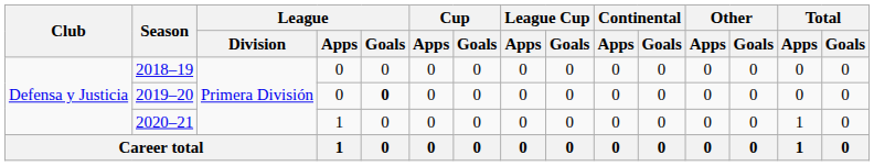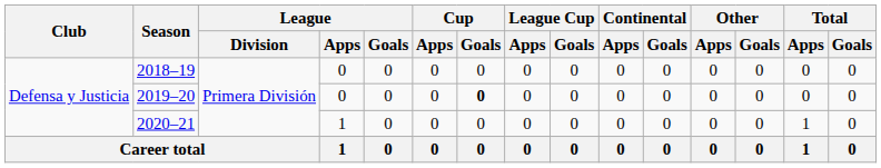 <table class="wikitable" style="text-align:center">
 <tr>
 <th rowspan="2">Club</th>
 <th rowspan="2">Season</th>
 <th colspan="3">League</th>
 <th colspan="2">Cup</th>
 <th colspan="2">League Cup</th>
 <th colspan="2">Continental</th>
 <th colspan="2">Other</th>
 <th colspan="2">Total</th>
 </tr>
 <tr>
 <th>Division</th>
 <th>Apps</th>
 <th>Goals</th>
 <th>Apps</th>
 <th>Goals</th>
 <th>Apps</th>
 <th>Goals</th>
 <th>Apps</th>
 <th>Goals</th>
 <th>Apps</th>
 <th>Goals</th>
 <th>Apps</th>
 <th>Goals</th>
 </tr>
 <tr>
 <td rowspan="3"><a href='#'>Defensa y Justicia</a></td>
 <td><a href='#'>2018–19</a></td>
 <td rowspan="3"><a href='#'>Primera División</a></td>
 <td>0</td>
 <td>0</td>
 <td>0</td>
 <td>0</td>
 <td>0</td>
 <td>0</td>
 <td>0</td>
 <td>0</td>
 <td>0</td>
 <td>0</td>
 <td>0</td>
 <td>0</td>
 </tr>
 <tr>
 <td><a href='#'>2019–20</a></td>
 <td>0</td>
-<td><strong>0</strong></td>
 <td>0</td>
 <td>0</td>
+<td><strong>0</strong></td>
 <td>0</td>
 <td>0</td>
 <td>0</td>
 <td>0</td>
 <td>0</td>
 <td>0</td>
 <td>0</td>
 <td>0</td>
 </tr>
 <tr>
 <td><a href='#'>2020–21</a></td>
 <td>1</td>
 <td>0</td>
 <td>0</td>
 <td>0</td>
 <td>0</td>
 <td>0</td>
 <td>0</td>
 <td>0</td>
 <td>0</td>
 <td>0</td>
 <td>1</td>
 <td>0</td>
 </tr>
 <tr>
 <th colspan="3">Career total</th>
 <th>1</th>
 <th>0</th>
 <th>0</th>
 <th>0</th>
 <th>0</th>
 <th>0</th>
 <th>0</th>
 <th>0</th>
 <th>0</th>
 <th>0</th>
 <th>1</th>
 <th>0</th>
 </tr>
 </table>
